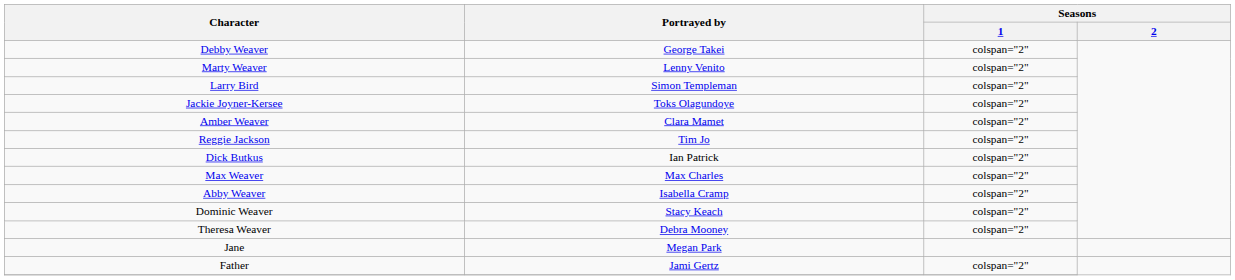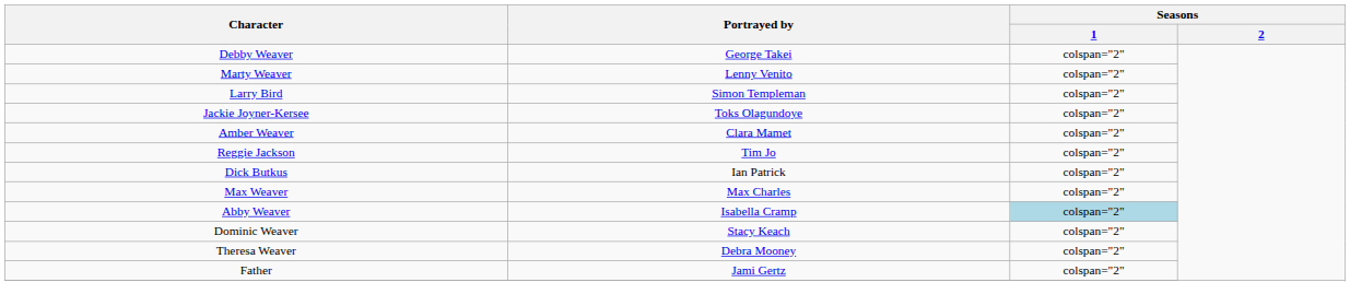 <table class="wikitable plainrowheaders" style="text-align:center">
 <tr>
 <th scope="col" rowspan="2" style="width:15%;">Character</th>
 <th scope="col" rowspan="2" style="width:15%;">Portrayed by</th>
 <th scope="col" colspan="2">Seasons</th>
 </tr>
 <tr>
 <th scope="col" style="width:5%;"><a href='#'>1</a></th>
 <th scope="col" style="width:5%;"><a href='#'>2</a></th>
 </tr>
 <tr>
 <td scope="row"><a href='#'>Debby Weaver</a></td>
 <td><a href='#'>George Takei</a></td>
 <td>colspan="2" </td>
 </tr>
 <tr>
 <td scope="row"><a href='#'>Marty Weaver</a></td>
 <td><a href='#'>Lenny Venito</a></td>
 <td>colspan="2" </td>
 </tr>
 <tr>
 <td scope="row"><a href='#'>Larry Bird</a></td>
 <td><a href='#'>Simon Templeman</a></td>
 <td>colspan="2" </td>
 </tr>
 <tr>
 <td scope="row"><a href='#'>Jackie Joyner-Kersee</a></td>
 <td><a href='#'>Toks Olagundoye</a></td>
 <td>colspan="2" </td>
 </tr>
 <tr>
 <td scope="row"><a href='#'>Amber Weaver</a></td>
 <td><a href='#'>Clara Mamet</a></td>
 <td>colspan="2" </td>
 </tr>
 <tr>
 <td scope="row"><a href='#'>Reggie Jackson</a></td>
 <td><a href='#'>Tim Jo</a></td>
 <td>colspan="2" </td>
 </tr>
 <tr>
 <td scope="row"><a href='#'>Dick Butkus</a></td>
 <td>Ian Patrick</td>
 <td>colspan="2" </td>
 </tr>
 <tr>
 <td scope="row"><a href='#'>Max Weaver</a></td>
 <td><a href='#'>Max Charles</a></td>
 <td>colspan="2" </td>
 </tr>
 <tr>
 <td scope="row"><a href='#'>Abby Weaver</a></td>
 <td><a href='#'>Isabella Cramp</a></td>
-<td>colspan="2" </td>
+<td style="background: lightblue;">colspan="2" </td>
 </tr>
 <tr>
 <td scope="row">Dominic Weaver</td>
 <td><a href='#'>Stacy Keach</a></td>
 <td>colspan="2" </td>
 </tr>
 <tr>
 <td scope="row">Theresa Weaver</td>
 <td><a href='#'>Debra Mooney</a></td>
 <td>colspan="2" </td>
 </tr>
 <tr>
-<td scope="row">Jane</td>
-<td><a href='#'>Megan Park</a></td>
-<td></td>
-<td></td>
-</tr>
-<tr>
 <td scope="row">Father</td>
 <td><a href='#'>Jami Gertz</a></td>
 <td>colspan="2" </td>
 </tr>
 <tr>
 </tr>
 </table>
